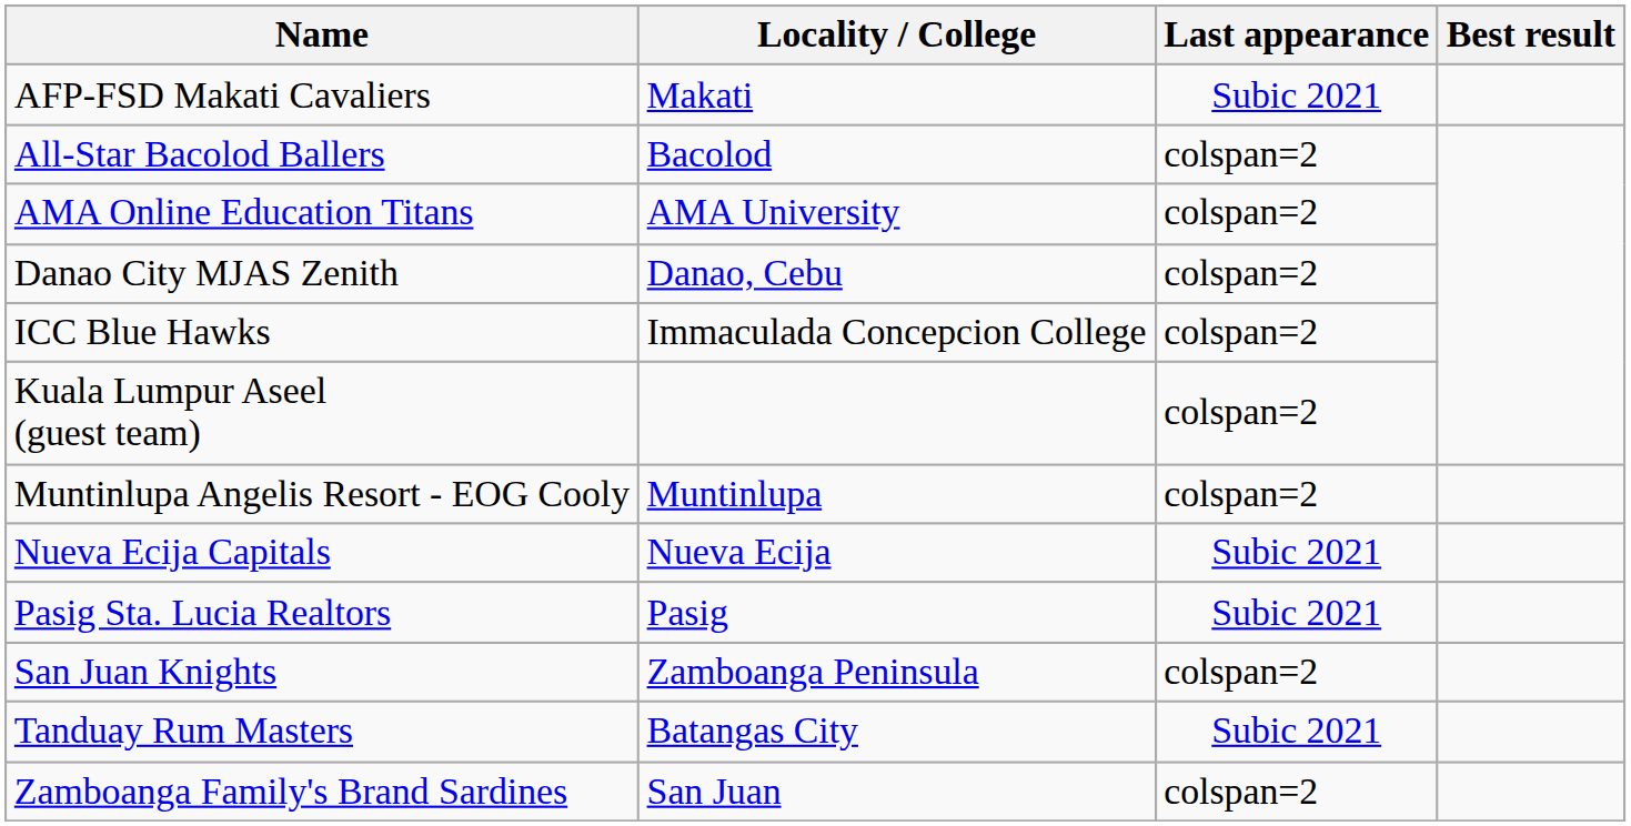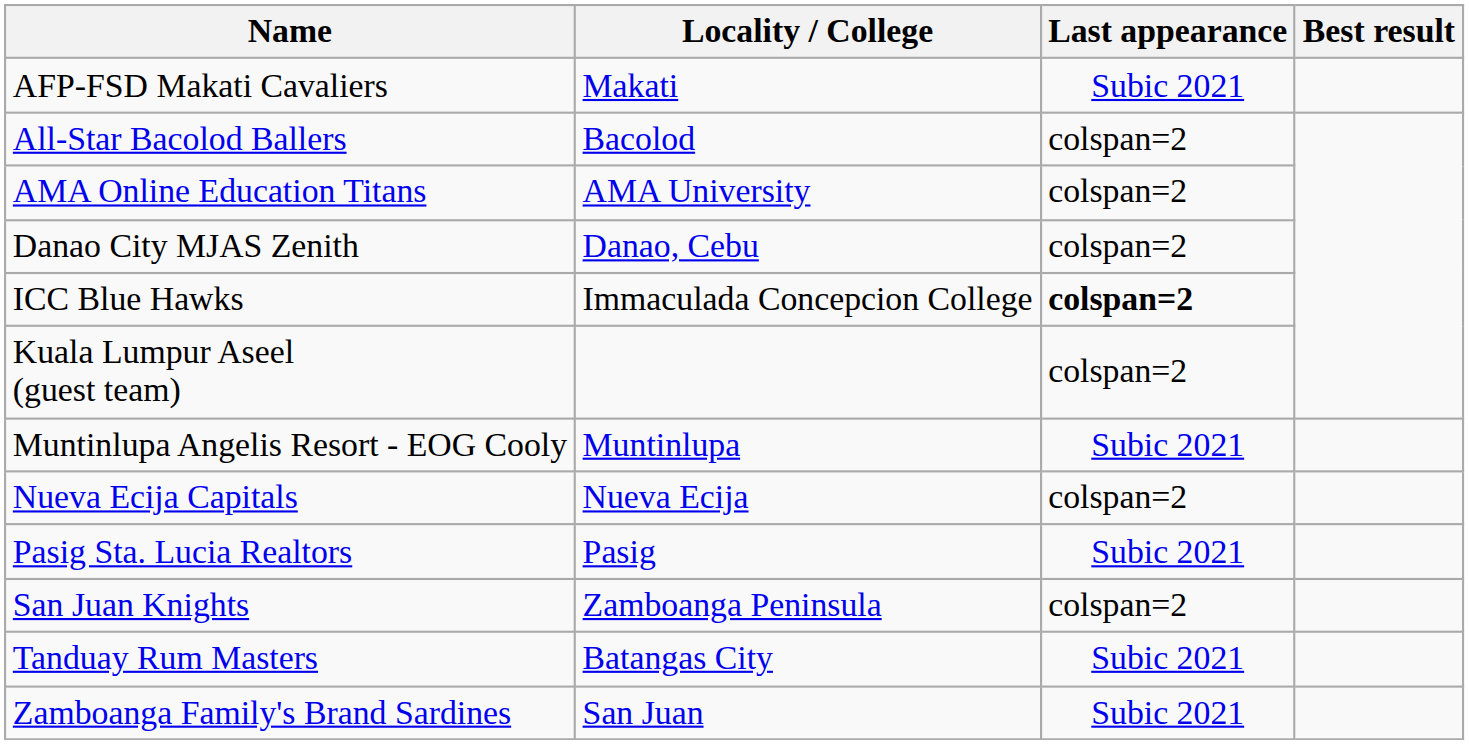 <table class="wikitable sortable">
 <tr>
 <th>Name</th>
 <th>Locality / College</th>
 <th>Last appearance</th>
 <th>Best result</th>
 </tr>
 <tr>
 <td>AFP-FSD Makati Cavaliers</td>
 <td><a href='#'>Makati</a></td>
 <td align=center><a href='#'>Subic 2021</a></td>
 <td align=center></td>
 </tr>
 <tr>
 <td><a href='#'>All-Star Bacolod Ballers</a></td>
 <td><a href='#'>Bacolod</a></td>
 <td>colspan=2 </td>
 </tr>
 <tr>
 <td><a href='#'>AMA Online Education Titans</a></td>
 <td><a href='#'>AMA University</a></td>
 <td>colspan=2 </td>
 </tr>
 <tr>
 <td>Danao City MJAS Zenith</td>
 <td><a href='#'>Danao, Cebu</a></td>
 <td>colspan=2 </td>
 </tr>
 <tr>
 <td>ICC Blue Hawks</td>
 <td>Immaculada Concepcion College</td>
-<td>colspan=2 </td>
+<td><strong>colspan=2 </strong></td>
 </tr>
 <tr>
 <td>Kuala Lumpur Aseel <br> (guest team)</td>
 <td></td>
 <td>colspan=2 </td>
 </tr>
 <tr>
 <td>Muntinlupa Angelis Resort - EOG Cooly</td>
 <td><a href='#'>Muntinlupa</a></td>
-<td>colspan=2 </td>
+<td align=center><a href='#'>Subic 2021</a></td>
 <td align=center></td>
 </tr>
 <tr>
 <td><a href='#'>Nueva Ecija Capitals</a></td>
 <td><a href='#'>Nueva Ecija</a></td>
-<td align=center><a href='#'>Subic 2021</a></td>
+<td>colspan=2 </td>
 </tr>
 <tr>
 <td><a href='#'>Pasig Sta. Lucia Realtors</a></td>
 <td><a href='#'>Pasig</a></td>
 <td align=center><a href='#'>Subic 2021</a></td>
 <td align=center></td>
 </tr>
 <tr>
 <td><a href='#'>San Juan Knights</a></td>
 <td><a href='#'>Zamboanga Peninsula</a></td>
 <td>colspan=2 </td>
 <td align=center></td>
 </tr>
 <tr>
 <td><a href='#'>Tanduay Rum Masters</a></td>
 <td><a href='#'>Batangas City</a></td>
 <td align=center><a href='#'>Subic 2021</a></td>
 <td align=center></td>
 </tr>
 <tr>
 <td><a href='#'>Zamboanga Family's Brand Sardines</a></td>
 <td><a href='#'>San Juan</a></td>
-<td>colspan=2 </td>
+<td align=center><a href='#'>Subic 2021</a></td>
 </tr>
 </table>
